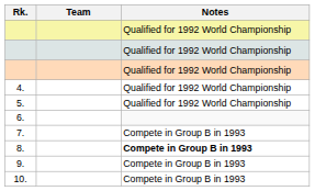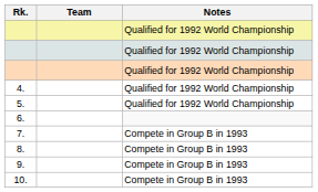 <table class="wikitable" style="border:1px solid #AAAAAA;font-size:90%">
 <tr bgcolor="#E4E4E4">
 <th style="border-bottom:1px solid #AAAAAA" width=40>Rk.</th>
 <th style="border-bottom:1px solid #AAAAAA" width=120>Team</th>
 <th style="border-bottom:1px solid #AAAAAA" width=275>Notes</th>
 </tr>
 <tr bgcolor="#F7F6A8">
 <td align="center" style="height:23px"></td>
 <td><strong></strong></td>
 <td>Qualified for 1992 World Championship</td>
 </tr>
 <tr bgcolor="#DCE5E5">
 <td align="center" style="height:23px"></td>
 <td></td>
 <td>Qualified for 1992 World Championship</td>
 </tr>
 <tr bgcolor="#FFDAB9">
 <td align="center" style="height:23px"></td>
 <td></td>
 <td>Qualified for 1992 World Championship</td>
 </tr>
 <tr style="background:#ffffff;">
 <td align="center">4.</td>
 <td></td>
 <td>Qualified for 1992 World Championship</td>
 </tr>
 <tr style="background:#ffffff;">
 <td align="center">5.</td>
 <td></td>
 <td>Qualified for 1992 World Championship</td>
 </tr>
 <tr style="background:#ffffff;">
 <td align="center">6.</td>
 <td></td>
 </tr>
 <tr style="background:#ffffff;">
 <td align="center">7.</td>
 <td></td>
 <td>Compete in Group B in 1993</td>
 </tr>
 <tr style="background:#ffffff;">
 <td align="center">8.</td>
 <td></td>
-<td><strong>Compete in Group B in 1993</strong></td>
+<td>Compete in Group B in 1993</td>
 </tr>
 <tr style="background:#ffffff;">
 <td align="center">9.</td>
 <td></td>
 <td>Compete in Group B in 1993</td>
 </tr>
 <tr style="background:#ffffff;">
 <td align="center">10.</td>
 <td></td>
 <td>Compete in Group B in 1993</td>
 </tr>
 </table>
